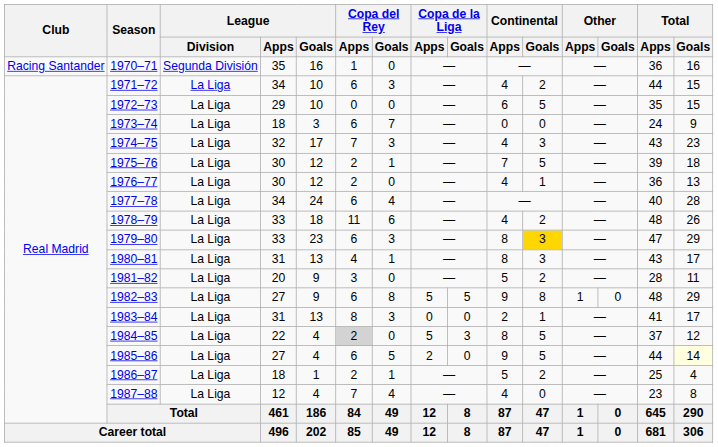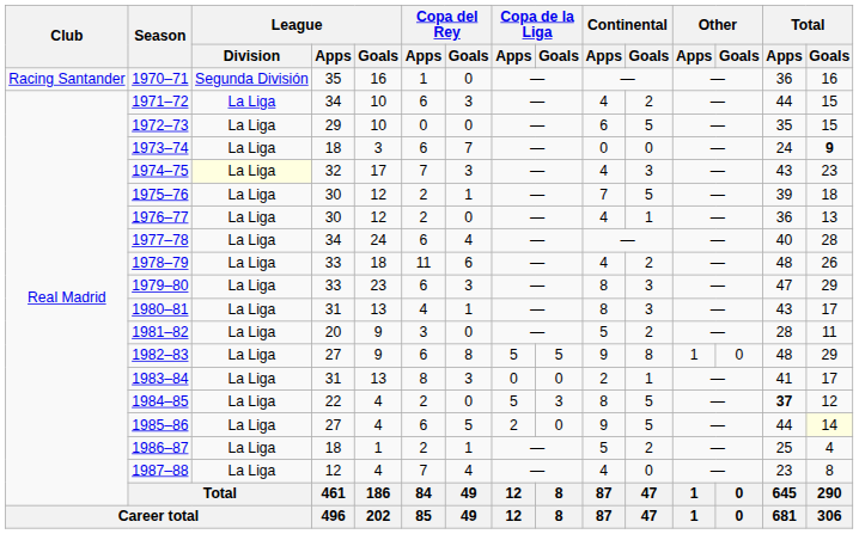 <table class="wikitable" style="text-align:center">
 <tr>
 <th rowspan="2">Club</th>
 <th rowspan="2">Season</th>
 <th colspan="3">League</th>
 <th colspan="2"><a href='#'>Copa del Rey</a></th>
 <th colspan="2"><a href='#'>Copa de la Liga</a></th>
 <th colspan="2">Continental</th>
 <th colspan="2">Other</th>
 <th colspan="2">Total</th>
 </tr>
 <tr>
 <th>Division</th>
 <th width="40">Apps</th>
 <th width="40">Goals</th>
 <th width="40">Apps</th>
 <th width="40">Goals</th>
 <th width="40">Apps</th>
 <th width="40">Goals</th>
 <th width="40">Apps</th>
 <th width="40">Goals</th>
 <th width="40">Apps</th>
 <th width="40">Goals</th>
 <th width="40">Apps</th>
 <th width="40">Goals</th>
 </tr>
 <tr>
 <td><a href='#'>Racing Santander</a></td>
 <td><a href='#'>1970–71</a></td>
 <td><a href='#'>Segunda División</a></td>
 <td>35</td>
 <td>16</td>
 <td>1</td>
 <td>0</td>
 <td colspan="2">—</td>
 <td colspan="2">—</td>
 <td colspan="2">—</td>
 <td>36</td>
 <td>16</td>
 </tr>
 <tr>
 <td rowspan="18"><a href='#'>Real Madrid</a></td>
 <td><a href='#'>1971–72</a></td>
 <td><a href='#'>La Liga</a></td>
 <td>34</td>
 <td>10</td>
 <td>6</td>
 <td>3</td>
 <td colspan="2">—</td>
 <td>4</td>
 <td>2</td>
 <td colspan="2">—</td>
 <td>44</td>
 <td>15</td>
 </tr>
 <tr>
 <td><a href='#'>1972–73</a></td>
 <td>La Liga</td>
 <td>29</td>
 <td>10</td>
 <td>0</td>
 <td>0</td>
 <td colspan="2">—</td>
 <td>6</td>
 <td>5</td>
 <td colspan="2">—</td>
 <td>35</td>
 <td>15</td>
 </tr>
 <tr>
 <td><a href='#'>1973–74</a></td>
 <td>La Liga</td>
 <td>18</td>
 <td>3</td>
 <td>6</td>
 <td>7</td>
 <td colspan="2">—</td>
 <td>0</td>
 <td>0</td>
 <td colspan="2">—</td>
 <td>24</td>
-<td>9</td>
+<td><strong>9</strong></td>
 </tr>
 <tr>
 <td><a href='#'>1974–75</a></td>
-<td>La Liga</td>
+<td style="background: lightyellow;">La Liga</td>
 <td>32</td>
 <td>17</td>
 <td>7</td>
 <td>3</td>
 <td colspan="2">—</td>
 <td>4</td>
 <td>3</td>
 <td colspan="2">—</td>
 <td>43</td>
 <td>23</td>
 </tr>
 <tr>
 <td><a href='#'>1975–76</a></td>
 <td>La Liga</td>
 <td>30</td>
 <td>12</td>
 <td>2</td>
 <td>1</td>
 <td colspan="2">—</td>
 <td>7</td>
 <td>5</td>
 <td colspan="2">—</td>
 <td>39</td>
 <td>18</td>
 </tr>
 <tr>
 <td><a href='#'>1976–77</a></td>
 <td>La Liga</td>
 <td>30</td>
 <td>12</td>
 <td>2</td>
 <td>0</td>
 <td colspan="2">—</td>
 <td>4</td>
 <td>1</td>
 <td colspan="2">—</td>
 <td>36</td>
 <td>13</td>
 </tr>
 <tr>
 <td><a href='#'>1977–78</a></td>
 <td>La Liga</td>
 <td>34</td>
 <td>24</td>
 <td>6</td>
 <td>4</td>
 <td colspan="2">—</td>
 <td colspan="2">—</td>
 <td colspan="2">—</td>
 <td>40</td>
 <td>28</td>
 </tr>
 <tr>
 <td><a href='#'>1978–79</a></td>
 <td>La Liga</td>
 <td>33</td>
 <td>18</td>
 <td>11</td>
 <td>6</td>
 <td colspan="2">—</td>
 <td>4</td>
 <td>2</td>
 <td colspan="2">—</td>
 <td>48</td>
 <td>26</td>
 </tr>
 <tr>
 <td><a href='#'>1979–80</a></td>
 <td>La Liga</td>
 <td>33</td>
 <td>23</td>
 <td>6</td>
 <td>3</td>
 <td colspan="2">—</td>
 <td>8</td>
-<td style="background: gold;">3</td>
+<td>3</td>
 <td colspan="2">—</td>
 <td>47</td>
 <td>29</td>
 </tr>
 <tr>
 <td><a href='#'>1980–81</a></td>
 <td>La Liga</td>
 <td>31</td>
 <td>13</td>
 <td>4</td>
 <td>1</td>
 <td colspan="2">—</td>
 <td>8</td>
 <td>3</td>
 <td colspan="2">—</td>
 <td>43</td>
 <td>17</td>
 </tr>
 <tr>
 <td><a href='#'>1981–82</a></td>
 <td>La Liga</td>
 <td>20</td>
 <td>9</td>
 <td>3</td>
 <td>0</td>
 <td colspan="2">—</td>
 <td>5</td>
 <td>2</td>
 <td colspan="2">—</td>
 <td>28</td>
 <td>11</td>
 </tr>
 <tr>
 <td><a href='#'>1982–83</a></td>
 <td>La Liga</td>
 <td>27</td>
 <td>9</td>
 <td>6</td>
 <td>8</td>
 <td>5</td>
 <td>5</td>
 <td>9</td>
 <td>8</td>
 <td>1</td>
 <td>0</td>
 <td>48</td>
 <td>29</td>
 </tr>
 <tr>
 <td><a href='#'>1983–84</a></td>
 <td>La Liga</td>
 <td>31</td>
 <td>13</td>
 <td>8</td>
 <td>3</td>
 <td>0</td>
 <td>0</td>
 <td>2</td>
 <td>1</td>
 <td colspan="2">—</td>
 <td>41</td>
 <td>17</td>
 </tr>
 <tr>
 <td><a href='#'>1984–85</a></td>
 <td>La Liga</td>
 <td>22</td>
 <td>4</td>
-<td style="background: lightgrey;">2</td>
+<td>2</td>
 <td>0</td>
 <td>5</td>
 <td>3</td>
 <td>8</td>
 <td>5</td>
 <td colspan="2">—</td>
-<td>37</td>
+<td><strong>37</strong></td>
 <td>12</td>
 </tr>
 <tr>
 <td><a href='#'>1985–86</a></td>
 <td>La Liga</td>
 <td>27</td>
 <td>4</td>
 <td>6</td>
 <td>5</td>
 <td>2</td>
 <td>0</td>
 <td>9</td>
 <td>5</td>
 <td colspan="2">—</td>
 <td>44</td>
 <td style="background: lightyellow;">14</td>
 </tr>
 <tr>
 <td><a href='#'>1986–87</a></td>
 <td>La Liga</td>
 <td>18</td>
 <td>1</td>
 <td>2</td>
 <td>1</td>
 <td colspan="2">—</td>
 <td>5</td>
 <td>2</td>
 <td colspan="2">—</td>
 <td>25</td>
 <td>4</td>
 </tr>
 <tr>
 <td><a href='#'>1987–88</a></td>
 <td>La Liga</td>
 <td>12</td>
 <td>4</td>
 <td>7</td>
 <td>4</td>
 <td colspan="2">—</td>
 <td>4</td>
 <td>0</td>
 <td colspan="2">—</td>
 <td>23</td>
 <td>8</td>
 </tr>
 <tr>
 <th colspan="2">Total</th>
 <th>461</th>
 <th>186</th>
 <th>84</th>
 <th>49</th>
 <th>12</th>
 <th>8</th>
 <th>87</th>
 <th>47</th>
 <th>1</th>
 <th>0</th>
 <th>645</th>
 <th>290</th>
 </tr>
 <tr>
 <th colspan="3">Career total</th>
 <th>496</th>
 <th>202</th>
 <th>85</th>
 <th>49</th>
 <th>12</th>
 <th>8</th>
 <th>87</th>
 <th>47</th>
 <th>1</th>
 <th>0</th>
 <th>681</th>
 <th>306</th>
 </tr>
 </table>
